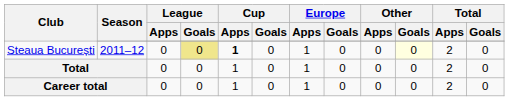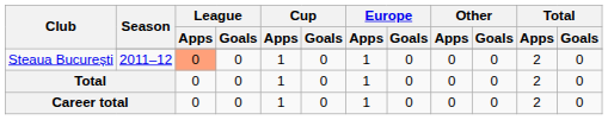 <table class="wikitable" style="text-align: center;">
 <tr>
 <th rowspan="2">Club</th>
 <th rowspan="2">Season</th>
 <th colspan="2">League</th>
 <th colspan="2">Cup</th>
 <th colspan="2"><a href='#'>Europe</a></th>
 <th colspan="2">Other</th>
 <th colspan="3">Total</th>
 </tr>
 <tr>
 <th>Apps</th>
 <th>Goals</th>
 <th>Apps</th>
 <th>Goals</th>
 <th>Apps</th>
 <th>Goals</th>
 <th>Apps</th>
 <th>Goals</th>
 <th>Apps</th>
 <th>Goals</th>
 </tr>
 <tr>
 <td rowspan="2"><a href='#'>Steaua București</a></td>
 </tr>
 <tr>
 <td><a href='#'>2011–12</a></td>
+<td style="background: lightsalmon;">0</td>
 <td>0</td>
-<td style="background: khaki;">0</td>
-<td><strong>1</strong></td>
+<td>1</td>
 <td>0</td>
 <td>1</td>
 <td>0</td>
 <td>0</td>
-<td style="background: lightyellow;">0</td>
+<td>0</td>
 <td>2</td>
 <td>0</td>
 </tr>
 <tr>
 <th colspan="2">Total</th>
 <td>0</td>
 <td>0</td>
 <td>1</td>
 <td>0</td>
 <td>1</td>
 <td>0</td>
 <td>0</td>
 <td>0</td>
 <td>2</td>
 <td>0</td>
 </tr>
 <tr>
 <th colspan="2">Career total</th>
 <td>0</td>
 <td>0</td>
 <td>1</td>
 <td>0</td>
 <td>1</td>
 <td>0</td>
 <td>0</td>
 <td>0</td>
 <td>2</td>
 <td>0</td>
 </tr>
 </table>
